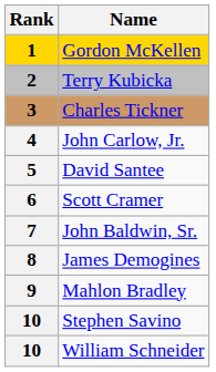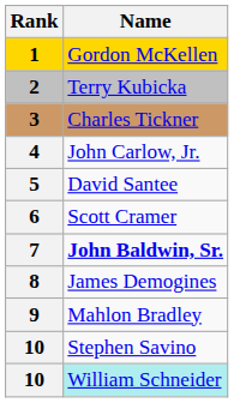 <table class="wikitable">
 <tr>
 <th>Rank</th>
 <th>Name</th>
 </tr>
 <tr bgcolor="gold">
 <td align="center"><strong>1</strong></td>
 <td><a href='#'>Gordon McKellen</a></td>
 </tr>
 <tr bgcolor="silver">
 <td align="center"><strong>2</strong></td>
 <td><a href='#'>Terry Kubicka</a></td>
 </tr>
 <tr bgcolor="cc9966">
 <td align="center"><strong>3</strong></td>
 <td><a href='#'>Charles Tickner</a></td>
 </tr>
 <tr>
 <th>4</th>
 <td><a href='#'>John Carlow, Jr.</a></td>
 </tr>
 <tr>
 <th>5</th>
 <td><a href='#'>David Santee</a></td>
 </tr>
 <tr>
 <th>6</th>
 <td><a href='#'>Scott Cramer</a></td>
 </tr>
 <tr>
 <th>7</th>
-<td><a href='#'>John Baldwin, Sr.</a></td>
+<td><strong><a href='#'>John Baldwin, Sr.</a></strong></td>
 </tr>
 <tr>
 <th>8</th>
 <td><a href='#'>James Demogines</a></td>
 </tr>
 <tr>
 <th>9</th>
 <td><a href='#'>Mahlon Bradley</a></td>
 </tr>
 <tr>
 <th>10</th>
 <td><a href='#'>Stephen Savino</a></td>
 </tr>
 <tr>
 <th>10</th>
-<td><a href='#'>William Schneider</a></td>
+<td style="background: paleturquoise;"><a href='#'>William Schneider</a></td>
 </tr>
 </table>
